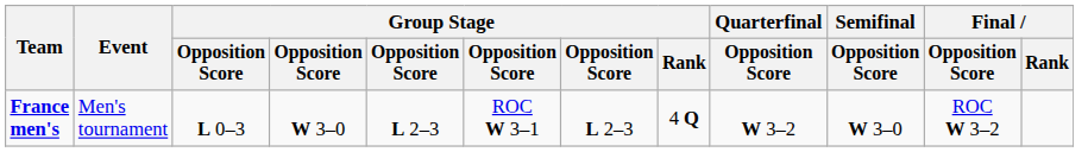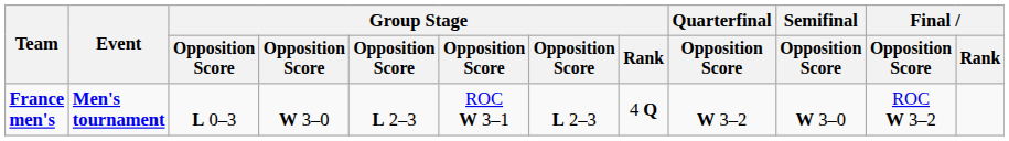 <table class=wikitable style=font-size:90%>
 <tr>
 <th rowspan=2>Team</th>
 <th rowspan=2>Event</th>
 <th colspan=6>Group Stage</th>
 <th>Quarterfinal</th>
 <th>Semifinal</th>
 <th colspan=2>Final / </th>
 </tr>
 <tr style=font-size:95%>
 <th>Opposition<br>Score</th>
 <th>Opposition<br>Score</th>
 <th>Opposition<br>Score</th>
 <th>Opposition<br>Score</th>
 <th>Opposition<br>Score</th>
 <th>Rank</th>
 <th>Opposition<br>Score</th>
 <th>Opposition<br>Score</th>
 <th>Opposition<br>Score</th>
 <th>Rank</th>
 </tr>
 <tr align=center>
 <td align=left><strong><a href='#'>France men's</a></strong></td>
-<td align=left><a href='#'>Men's tournament</a></td>
+<td align=left><strong><a href='#'>Men's tournament</a></strong></td>
 <td><br><strong>L</strong> 0–3</td>
 <td><br><strong>W</strong> 3–0</td>
 <td><br><strong>L</strong> 2–3</td>
 <td> <a href='#'>ROC</a><br><strong>W</strong> 3–1</td>
 <td><br><strong>L</strong> 2–3</td>
 <td>4 <strong>Q</strong></td>
 <td><br><strong>W</strong> 3–2</td>
 <td><br><strong>W</strong> 3–0</td>
 <td> <a href='#'>ROC</a><br><strong>W</strong> 3–2</td>
 <td></td>
 </tr>
 </table>
